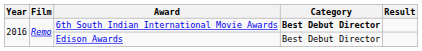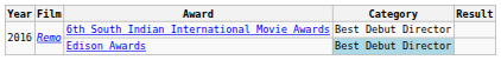 <table class="wikitable">
 <tr>
 <th>Year</th>
 <th>Film</th>
 <th>Award</th>
 <th>Category</th>
 <th>Result</th>
 </tr>
 <tr>
 <td rowspan="2">2016</td>
 <td rowspan="2"><em><a href='#'>Remo</a></em></td>
 <td><a href='#'>6th South Indian International Movie Awards</a></td>
-<td><strong>Best Debut Director</strong></td>
+<td>Best Debut Director</td>
 <td></td>
 </tr>
 <tr>
 <td><a href='#'>Edison Awards</a></td>
-<td>Best Debut Director</td>
+<td style="background: lightblue;">Best Debut Director</td>
 <td></td>
 </tr>
 </table>
